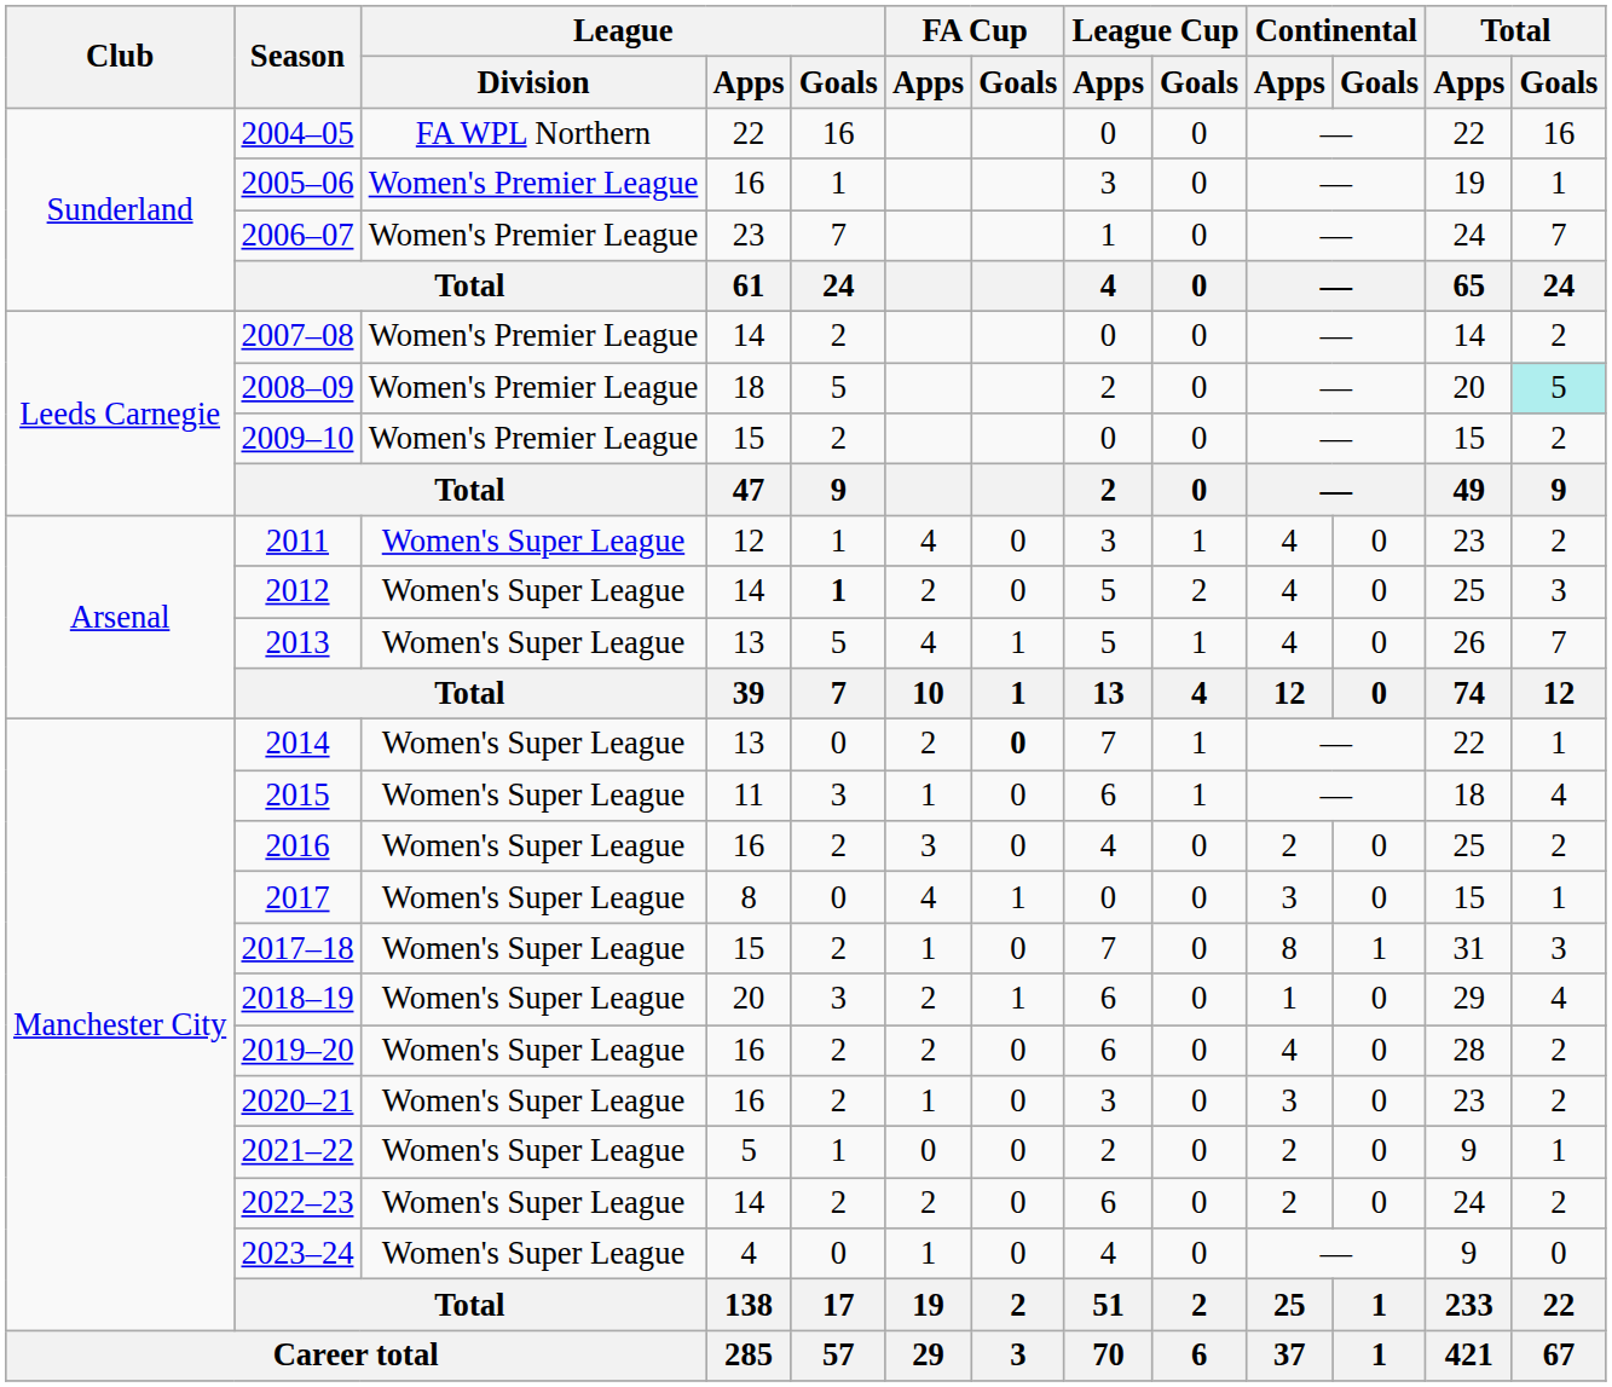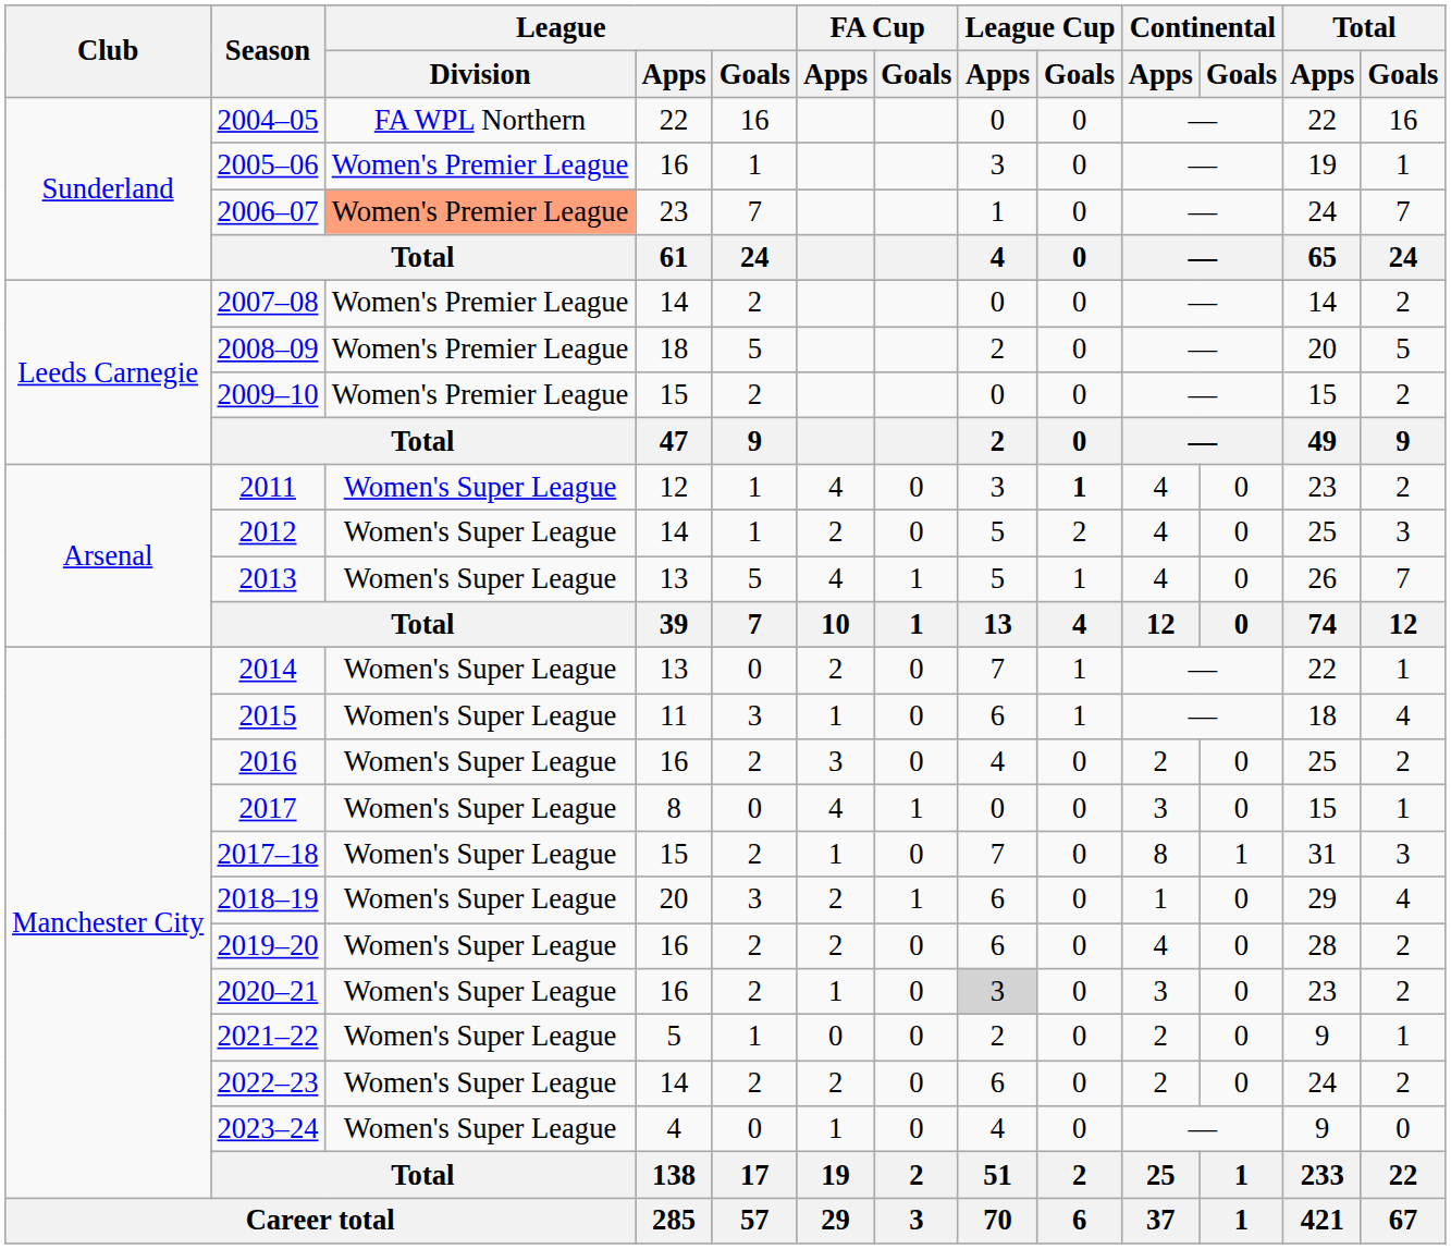 <table class="wikitable" style="text-align:center">
 <tr>
 <th rowspan="2">Club</th>
 <th rowspan="2">Season</th>
 <th colspan="3">League</th>
 <th colspan="2">FA Cup</th>
 <th colspan="2">League Cup</th>
 <th colspan="2">Continental</th>
 <th colspan="2">Total</th>
 </tr>
 <tr>
 <th>Division</th>
 <th>Apps</th>
 <th>Goals</th>
 <th>Apps</th>
 <th>Goals</th>
 <th>Apps</th>
 <th>Goals</th>
 <th>Apps</th>
 <th>Goals</th>
 <th>Apps</th>
 <th>Goals</th>
 </tr>
 <tr>
 <td rowspan="4"><a href='#'>Sunderland</a></td>
 <td><a href='#'>2004–05</a></td>
 <td><a href='#'>FA WPL</a> Northern</td>
 <td>22</td>
 <td>16</td>
 <td></td>
 <td></td>
 <td>0</td>
 <td>0</td>
 <td colspan="2">—</td>
 <td>22</td>
 <td>16</td>
 </tr>
 <tr>
 <td><a href='#'>2005–06</a></td>
 <td><a href='#'>Women's Premier League</a></td>
 <td>16</td>
 <td>1</td>
 <td></td>
 <td></td>
 <td>3</td>
 <td>0</td>
 <td colspan="2">—</td>
 <td>19</td>
 <td>1</td>
 </tr>
 <tr>
 <td><a href='#'>2006–07</a></td>
-<td>Women's Premier League</td>
+<td style="background: lightsalmon;">Women's Premier League</td>
 <td>23</td>
 <td>7</td>
 <td></td>
 <td></td>
 <td>1</td>
 <td>0</td>
 <td colspan="2">—</td>
 <td>24</td>
 <td>7</td>
 </tr>
 <tr>
 <th colspan="2">Total</th>
 <th>61</th>
 <th>24</th>
 <th></th>
 <th></th>
 <th>4</th>
 <th>0</th>
 <th colspan="2">—</th>
 <th>65</th>
 <th>24</th>
 </tr>
 <tr>
 <td rowspan="4"><a href='#'>Leeds Carnegie</a></td>
 <td><a href='#'>2007–08</a></td>
 <td>Women's Premier League</td>
 <td>14</td>
 <td>2</td>
 <td></td>
 <td></td>
 <td>0</td>
 <td>0</td>
 <td colspan="2">—</td>
 <td>14</td>
 <td>2</td>
 </tr>
 <tr>
 <td><a href='#'>2008–09</a></td>
 <td>Women's Premier League</td>
 <td>18</td>
 <td>5</td>
 <td></td>
 <td></td>
 <td>2</td>
 <td>0</td>
 <td colspan="2">—</td>
 <td>20</td>
-<td style="background: paleturquoise;">5</td>
+<td>5</td>
 </tr>
 <tr>
 <td><a href='#'>2009–10</a></td>
 <td>Women's Premier League</td>
 <td>15</td>
 <td>2</td>
 <td></td>
 <td></td>
 <td>0</td>
 <td>0</td>
 <td colspan="2">—</td>
 <td>15</td>
 <td>2</td>
 </tr>
 <tr>
 <th colspan="2">Total</th>
 <th>47</th>
 <th>9</th>
 <th></th>
 <th></th>
 <th>2</th>
 <th>0</th>
 <th colspan="2">—</th>
 <th>49</th>
 <th>9</th>
 </tr>
 <tr>
 <td rowspan="4"><a href='#'>Arsenal</a></td>
 <td><a href='#'>2011</a></td>
 <td><a href='#'>Women's Super League</a></td>
 <td>12</td>
 <td>1</td>
 <td>4</td>
 <td>0</td>
 <td>3</td>
-<td>1</td>
+<td><strong>1</strong></td>
 <td>4</td>
 <td>0</td>
 <td>23</td>
 <td>2</td>
 </tr>
 <tr>
 <td><a href='#'>2012</a></td>
 <td>Women's Super League</td>
 <td>14</td>
-<td><strong>1</strong></td>
+<td>1</td>
 <td>2</td>
 <td>0</td>
 <td>5</td>
 <td>2</td>
 <td>4</td>
 <td>0</td>
 <td>25</td>
 <td>3</td>
 </tr>
 <tr>
 <td><a href='#'>2013</a></td>
 <td>Women's Super League</td>
 <td>13</td>
 <td>5</td>
 <td>4</td>
 <td>1</td>
 <td>5</td>
 <td>1</td>
 <td>4</td>
 <td>0</td>
 <td>26</td>
 <td>7</td>
 </tr>
 <tr>
 <th colspan="2">Total</th>
 <th>39</th>
 <th>7</th>
 <th>10</th>
 <th>1</th>
 <th>13</th>
 <th>4</th>
 <th>12</th>
 <th>0</th>
 <th>74</th>
 <th>12</th>
 </tr>
 <tr>
 <td rowspan="12"><a href='#'>Manchester City</a></td>
 <td><a href='#'>2014</a></td>
 <td>Women's Super League</td>
 <td>13</td>
 <td>0</td>
 <td>2</td>
-<td><strong>0</strong></td>
+<td>0</td>
 <td>7</td>
 <td>1</td>
 <td colspan="2">—</td>
 <td>22</td>
 <td>1</td>
 </tr>
 <tr>
 <td><a href='#'>2015</a></td>
 <td>Women's Super League</td>
 <td>11</td>
 <td>3</td>
 <td>1</td>
 <td>0</td>
 <td>6</td>
 <td>1</td>
 <td colspan="2">—</td>
 <td>18</td>
 <td>4</td>
 </tr>
 <tr>
 <td><a href='#'>2016</a></td>
 <td>Women's Super League</td>
 <td>16</td>
 <td>2</td>
 <td>3</td>
 <td>0</td>
 <td>4</td>
 <td>0</td>
 <td>2</td>
 <td>0</td>
 <td>25</td>
 <td>2</td>
 </tr>
 <tr>
 <td><a href='#'>2017</a></td>
 <td>Women's Super League</td>
 <td>8</td>
 <td>0</td>
 <td>4</td>
 <td>1</td>
 <td>0</td>
 <td>0</td>
 <td>3</td>
 <td>0</td>
 <td>15</td>
 <td>1</td>
 </tr>
 <tr>
 <td><a href='#'>2017–18</a></td>
 <td>Women's Super League</td>
 <td>15</td>
 <td>2</td>
 <td>1</td>
 <td>0</td>
 <td>7</td>
 <td>0</td>
 <td>8</td>
 <td>1</td>
 <td>31</td>
 <td>3</td>
 </tr>
 <tr>
 <td><a href='#'>2018–19</a></td>
 <td>Women's Super League</td>
 <td>20</td>
 <td>3</td>
 <td>2</td>
 <td>1</td>
 <td>6</td>
 <td>0</td>
 <td>1</td>
 <td>0</td>
 <td>29</td>
 <td>4</td>
 </tr>
 <tr>
 <td><a href='#'>2019–20</a></td>
 <td>Women's Super League</td>
 <td>16</td>
 <td>2</td>
 <td>2</td>
 <td>0</td>
 <td>6</td>
 <td>0</td>
 <td>4</td>
 <td>0</td>
 <td>28</td>
 <td>2</td>
 </tr>
 <tr>
 <td><a href='#'>2020–21</a></td>
 <td>Women's Super League</td>
 <td>16</td>
 <td>2</td>
 <td>1</td>
 <td>0</td>
-<td>3</td>
+<td style="background: lightgrey;">3</td>
 <td>0</td>
 <td>3</td>
 <td>0</td>
 <td>23</td>
 <td>2</td>
 </tr>
 <tr>
 <td><a href='#'>2021–22</a></td>
 <td>Women's Super League</td>
 <td>5</td>
 <td>1</td>
 <td>0</td>
 <td>0</td>
 <td>2</td>
 <td>0</td>
 <td>2</td>
 <td>0</td>
 <td>9</td>
 <td>1</td>
 </tr>
 <tr>
 <td><a href='#'>2022–23</a></td>
 <td>Women's Super League</td>
 <td>14</td>
 <td>2</td>
 <td>2</td>
 <td>0</td>
 <td>6</td>
 <td>0</td>
 <td>2</td>
 <td>0</td>
 <td>24</td>
 <td>2</td>
 </tr>
 <tr>
 <td><a href='#'>2023–24</a></td>
 <td>Women's Super League</td>
 <td>4</td>
 <td>0</td>
 <td>1</td>
 <td>0</td>
 <td>4</td>
 <td>0</td>
 <td colspan="2">—</td>
 <td>9</td>
 <td>0</td>
 </tr>
 <tr>
 <th colspan="2">Total</th>
 <th>138</th>
 <th>17</th>
 <th>19</th>
 <th>2</th>
 <th>51</th>
 <th>2</th>
 <th>25</th>
 <th>1</th>
 <th>233</th>
 <th>22</th>
 </tr>
 <tr>
 <th colspan="3">Career total</th>
 <th>285</th>
 <th>57</th>
 <th>29</th>
 <th>3</th>
 <th>70</th>
 <th>6</th>
 <th>37</th>
 <th>1</th>
 <th>421</th>
 <th>67</th>
 </tr>
 </table>
